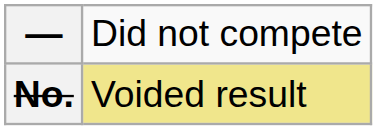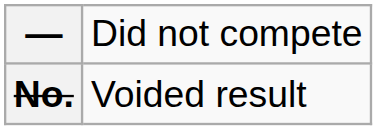 <table class="wikitable">
 <tr>
 <th scope="row">—</th>
 <td>Did not compete</td>
 </tr>
 <tr>
 <th scope="row"><del>No.</del></th>
-<td style="background: khaki;">Voided result</td>
+<td>Voided result</td>
 </tr>
 </table>
